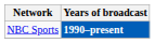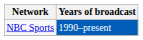 <table class="wikitable">
 <tr>
 <th>Network</th>
 <th>Years of broadcast</th>
 </tr>
 <tr>
 <td><a href='#'>NBC Sports</a></td>
-<td ! style="background-color:#005eb8; color:#ffffff; color:white;"><strong><div>1990–present</div></strong></td>
+<td ! style="background-color:#005eb8; color:#ffffff; color:white;"><div>1990–present</div></td>
 </tr>
 <tr>
 </tr>
 </table>
